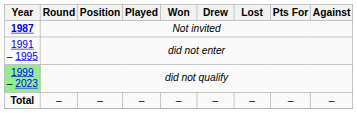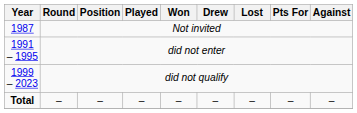 <table class="wikitable sortable" style="text-align: center;">
 <tr>
 <th>Year</th>
 <th>Round</th>
 <th>Position</th>
 <th width=50>Played</th>
 <th width=50>Won</th>
 <th width=50>Drew</th>
 <th width=50>Lost</th>
 <th>Pts For</th>
 <th>Against</th>
 </tr>
 <tr>
-<td><strong> <a href='#'>1987</a></strong></td>
+<td> <a href='#'>1987</a></td>
 <td Colspan=8><em>Not invited</em></td>
 </tr>
 <tr>
 <td> <a href='#'>1991</a> <br> –  <a href='#'>1995</a></td>
 <td Colspan=8><em>did not enter</em></td>
 </tr>
 <tr>
-<td style="background: lightgreen;"> <a href='#'>1999</a> <br> –  <a href='#'>2023</a></td>
+<td> <a href='#'>1999</a> <br> –  <a href='#'>2023</a></td>
 <td Colspan=8><em>did not qualify</em></td>
 </tr>
 <tr>
 <td><strong>Total</strong></td>
 <td>–</td>
 <td>–</td>
 <td>–</td>
 <td>–</td>
 <td>–</td>
 <td>–</td>
 <td>–</td>
 <td>–</td>
 </tr>
 <tr>
 </tr>
 </table>
